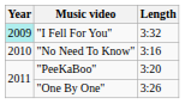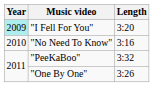 <table class="wikitable">
 <tr>
 <th>Year</th>
 <th>Music video</th>
 <th>Length</th>
 </tr>
 <tr>
 <td rowspan="1" style="background: paleturquoise;">2009</td>
 <td>"I Fell For You"</td>
-<td>3:32</td>
+<td>3:20</td>
 </tr>
 <tr>
 <td rowspan="1">2010</td>
 <td>"No Need To Know"</td>
 <td>3:16</td>
 </tr>
 <tr>
 <td rowspan="2">2011</td>
 <td>"PeeKaBoo"</td>
-<td>3:20</td>
+<td>3:32</td>
 </tr>
 <tr>
 <td>"One By One"</td>
 <td>3:26</td>
 </tr>
 </table>
